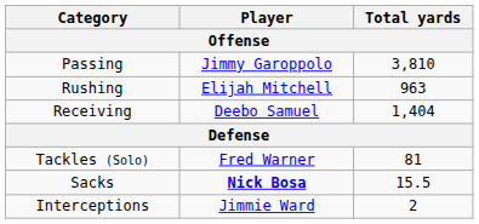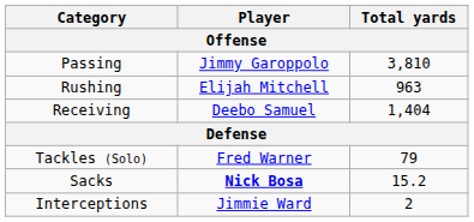 <table class="wikitable" style="text-align:center">
 <tr>
 <th width="150">Category</th>
 <th width="150">Player</th>
 <th width="100">Total yards</th>
 </tr>
 <tr>
 <th align="center" colspan="4">Offense</th>
 </tr>
 <tr>
 <td>Passing</td>
 <td><a href='#'>Jimmy Garoppolo</a></td>
 <td>3,810</td>
 </tr>
 <tr>
 <td>Rushing</td>
 <td><a href='#'>Elijah Mitchell</a></td>
 <td>963</td>
 </tr>
 <tr>
 <td>Receiving</td>
 <td><a href='#'>Deebo Samuel</a></td>
 <td>1,404</td>
 </tr>
 <tr>
 <th align="center" colspan="4">Defense</th>
 </tr>
 <tr>
 <td>Tackles <small>(Solo)</small></td>
 <td><a href='#'>Fred Warner</a></td>
-<td>81</td>
+<td>79</td>
 </tr>
 <tr>
 <td>Sacks</td>
 <td><strong><a href='#'>Nick Bosa</a></strong></td>
-<td>15.5</td>
+<td>15.2</td>
 </tr>
 <tr>
 <td>Interceptions</td>
 <td><a href='#'>Jimmie Ward</a></td>
 <td>2</td>
 </tr>
 </table>
